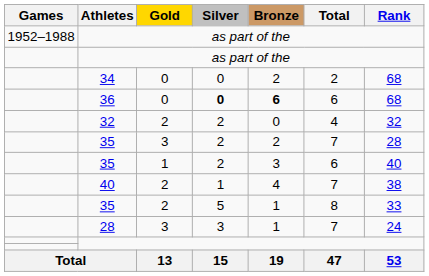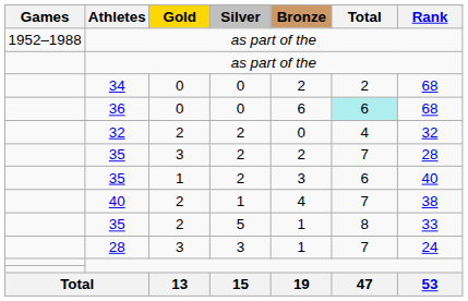 <table class="wikitable" style="text-align:center; font-size:90%;">
 <tr>
 <th>Games</th>
 <th>Athletes</th>
 <td style="background:gold; width:3.7em; font-weight:bold;">Gold</td>
 <td style="background:silver; width:3.7em; font-weight:bold;">Silver</td>
 <td style="background:#cc9966; width:3.7em; font-weight:bold;">Bronze</td>
 <th style="width:4em; font-weight:bold;">Total</th>
 <th style="width:4em; font-weight:bold;"><a href='#'>Rank</a></th>
 </tr>
 <tr>
 <td align=left>1952–1988</td>
 <td colspan=6><em>as part of the </em></td>
 </tr>
 <tr>
 <td align=left></td>
 <td colspan=6><em>as part of the </em></td>
 </tr>
 <tr>
 <td align=left></td>
 <td><a href='#'>34</a></td>
 <td>0</td>
 <td>0</td>
 <td>2</td>
 <td>2</td>
 <td><a href='#'>68</a></td>
 </tr>
 <tr>
 <td align=left></td>
 <td><a href='#'>36</a></td>
 <td>0</td>
-<td><strong>0</strong></td>
-<td><strong>6</strong></td>
+<td>0</td>
 <td>6</td>
+<td style="background: paleturquoise;">6</td>
 <td><a href='#'>68</a></td>
 </tr>
 <tr>
 <td align=left></td>
 <td><a href='#'>32</a></td>
 <td>2</td>
 <td>2</td>
 <td>0</td>
 <td>4</td>
 <td><a href='#'>32</a></td>
 </tr>
 <tr>
 <td align=left></td>
 <td><a href='#'>35</a></td>
 <td>3</td>
 <td>2</td>
 <td>2</td>
 <td>7</td>
 <td><a href='#'>28</a></td>
 </tr>
 <tr>
 <td align=left></td>
 <td><a href='#'>35</a></td>
 <td>1</td>
 <td>2</td>
 <td>3</td>
 <td>6</td>
 <td><a href='#'>40</a></td>
 </tr>
 <tr>
 <td align=left></td>
 <td><a href='#'>40</a></td>
 <td>2</td>
 <td>1</td>
 <td>4</td>
 <td>7</td>
 <td><a href='#'>38</a></td>
 </tr>
 <tr>
 <td align=left></td>
 <td><a href='#'>35</a></td>
 <td>2</td>
 <td>5</td>
 <td>1</td>
 <td>8</td>
 <td><a href='#'>33</a></td>
 </tr>
 <tr>
 <td align=left></td>
 <td><a href='#'>28</a></td>
 <td>3</td>
 <td>3</td>
 <td>1</td>
 <td>7</td>
 <td><a href='#'>24</a></td>
 </tr>
 <tr>
 <td align=left></td>
 </tr>
 <tr>
 <td align=left></td>
 </tr>
 <tr>
 <th colspan=2>Total</th>
 <th>13</th>
 <th>15</th>
 <th>19</th>
 <th>47</th>
 <th><a href='#'>53</a></th>
 </tr>
 </table>
